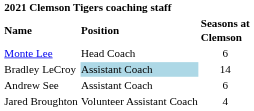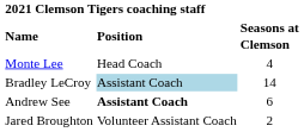 <table class="toccolours" style="text-align: left; font-size:90%">
 <tr>
 <th colspan="9">2021 Clemson Tigers coaching staff</th>
 </tr>
 <tr>
 <th>Name</th>
 <th>Position</th>
 <th>Seasons at<br>Clemson</th>
 </tr>
 <tr>
 <td><a href='#'>Monte Lee</a></td>
 <td>Head Coach</td>
-<td align=center>6</td>
+<td align=center>4</td>
 </tr>
 <tr>
 <td>Bradley LeCroy</td>
 <td style="background: lightblue;">Assistant Coach</td>
 <td align=center>14</td>
 </tr>
 <tr>
 <td>Andrew See</td>
-<td>Assistant Coach</td>
+<td><strong>Assistant Coach</strong></td>
 <td align=center>6</td>
 </tr>
 <tr>
 <td>Jared Broughton</td>
 <td>Volunteer Assistant Coach</td>
-<td align=center>4</td>
+<td align=center>2</td>
 </tr>
 </table>
